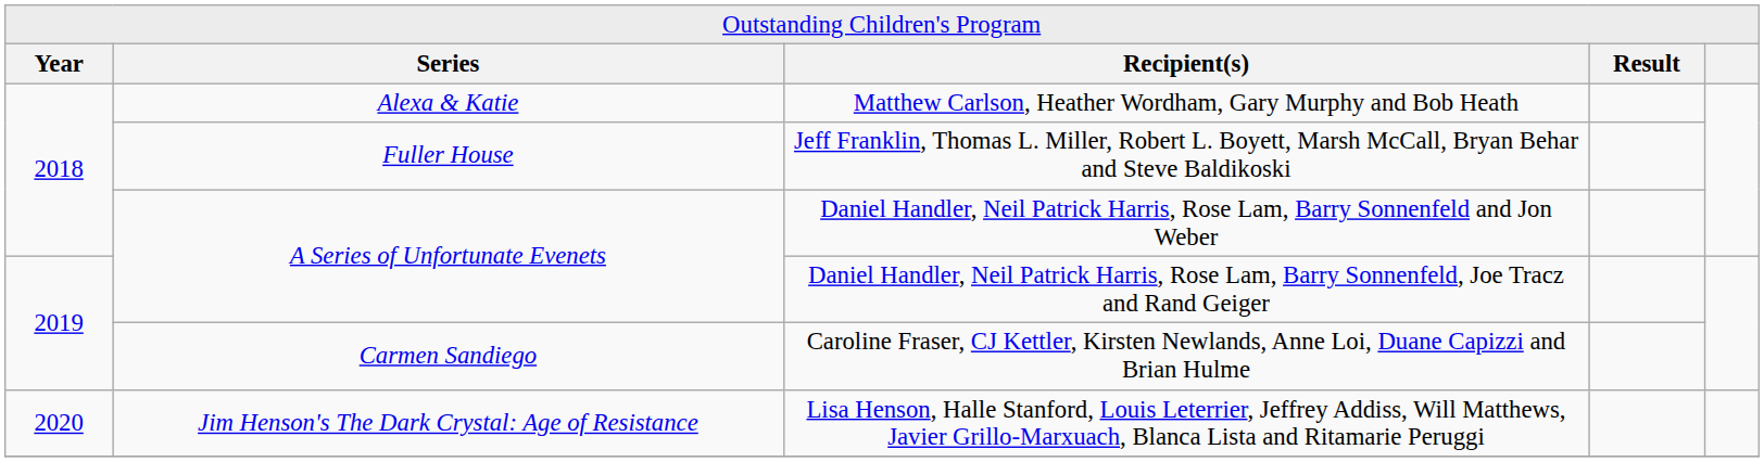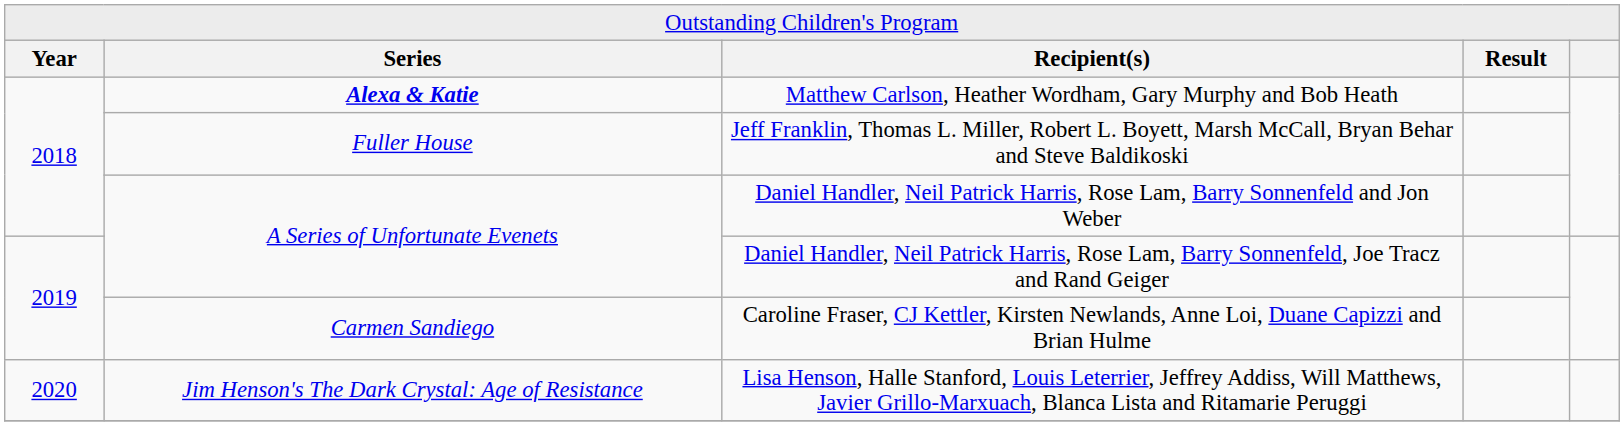 <table class="wikitable plainrowheaders" style="font-size: 100%" width=90%>
 <tr>
 <td style="background: #ececec; color:grey; text-align:center;" colspan="10"><a href='#'>Outstanding Children's Program</a></td>
 </tr>
 <tr>
 <th width="4%">Year</th>
 <th width="25%">Series</th>
 <th width="30%">Recipient(s)</th>
 <th width="4%">Result</th>
 <th width="2%"></th>
 </tr>
 <tr>
 <td style="text-align:center;" rowspan="3"><a href='#'>2018</a></td>
-<td style="text-align:center;"><em><a href='#'>Alexa & Katie</a></em></td>
+<td style="text-align:center;"><strong><em><a href='#'>Alexa & Katie</a></em></strong></td>
 <td style="text-align:center;"><a href='#'>Matthew Carlson</a>, Heather Wordham, Gary Murphy and Bob Heath</td>
 <td></td>
 <td style="text-align:center;" rowspan="3"></td>
 </tr>
 <tr>
 <td style="text-align:center;"><em><a href='#'>Fuller House</a></em></td>
 <td style="text-align:center;"><a href='#'>Jeff Franklin</a>, Thomas L. Miller, Robert L. Boyett, Marsh McCall, Bryan Behar and Steve Baldikoski</td>
 <td></td>
 </tr>
 <tr>
 <td style="text-align:center;" rowspan="2"><em><a href='#'>A Series of Unfortunate Evenets</a></em></td>
 <td style="text-align:center;"><a href='#'>Daniel Handler</a>, <a href='#'>Neil Patrick Harris</a>, Rose Lam, <a href='#'>Barry Sonnenfeld</a> and Jon Weber</td>
 <td></td>
 </tr>
 <tr>
 <td style="text-align:center;" rowspan="2"><a href='#'>2019</a></td>
 <td style="text-align:center;"><a href='#'>Daniel Handler</a>, <a href='#'>Neil Patrick Harris</a>, Rose Lam, <a href='#'>Barry Sonnenfeld</a>, Joe Tracz and Rand Geiger</td>
 <td></td>
 <td style="text-align:center;" rowspan="2"></td>
 </tr>
 <tr>
 <td style="text-align:center;"><em><a href='#'>Carmen Sandiego</a></em></td>
 <td style="text-align:center;">Caroline Fraser, <a href='#'>CJ Kettler</a>, Kirsten Newlands, Anne Loi, <a href='#'>Duane Capizzi</a> and Brian Hulme</td>
 <td></td>
 </tr>
 <tr>
 <td style="text-align:center;"><a href='#'>2020</a></td>
 <td style="text-align:center;"><em><a href='#'>Jim Henson's The Dark Crystal: Age of Resistance</a></em></td>
 <td style="text-align:center;"><a href='#'>Lisa Henson</a>, Halle Stanford, <a href='#'>Louis Leterrier</a>, Jeffrey Addiss, Will Matthews, <a href='#'>Javier Grillo-Marxuach</a>, Blanca Lista and Ritamarie Peruggi</td>
 <td></td>
 <td style="text-align:center;"></td>
 </tr>
 <tr>
 </tr>
 </table>
